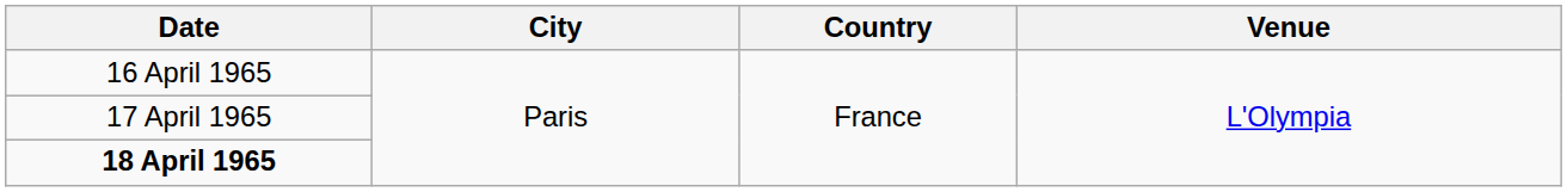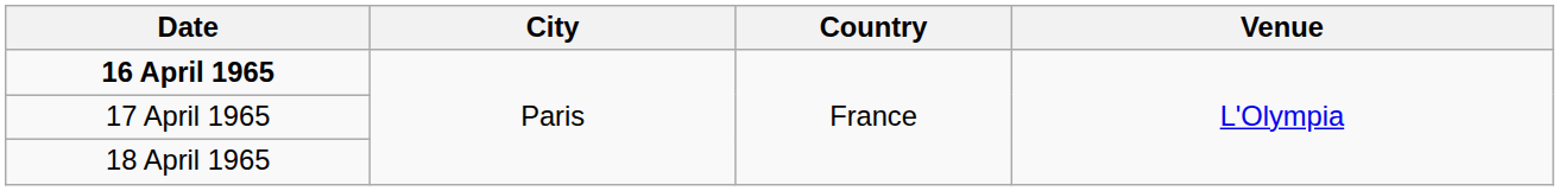 <table class="wikitable" style="text-align:center;">
 <tr>
 <th style="width:200px;">Date</th>
 <th style="width:200px;">City</th>
 <th style="width:150px;">Country</th>
 <th style="width:300px;">Venue</th>
 </tr>
 <tr>
-<td>16 April 1965</td>
+<td><strong>16 April 1965</strong></td>
 <td rowspan="3">Paris</td>
 <td rowspan="3">France</td>
 <td rowspan="3"><a href='#'>L'Olympia</a></td>
 </tr>
 <tr>
 <td>17 April 1965</td>
 </tr>
 <tr>
-<td><strong>18 April 1965</strong></td>
+<td>18 April 1965</td>
 </tr>
 </table>
